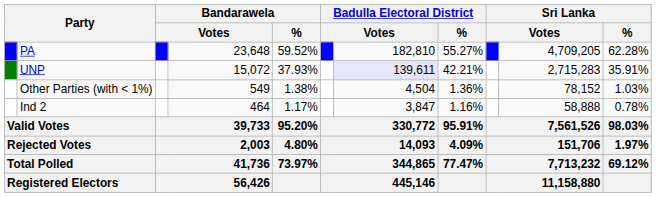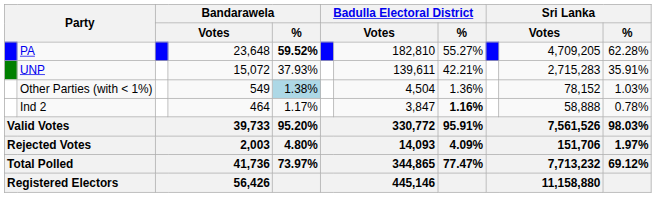 <table class="wikitable">
 <tr>
 <th colspan="2" width="144px"rowspan="2">Party</th>
 <th colspan="3" width="216px">Bandarawela</th>
 <th colspan="3" width="216px"><a href='#'>Badulla Electoral District</a></th>
 <th colspan="3" width="216px">Sri Lanka</th>
 </tr>
 <tr>
 <th colspan="2" width="144px">Votes</th>
 <th>%</th>
 <th colspan="2" width="144px">Votes</th>
 <th>%</th>
 <th colspan="2" width="144px">Votes</th>
 <th>%</th>
 </tr>
 <tr>
 <td style="background-color:blue;" width="10px"></td>
 <td style="text-align:left;"><a href='#'>PA</a></td>
 <td style="background-color:blue;" width="10px"></td>
 <td style="text-align:right;">23,648</td>
-<td style="text-align:right;">59.52%</td>
+<td style="text-align:right;"><strong>59.52%</strong></td>
 <td style="background-color:blue;" width="10px"></td>
 <td style="text-align:right;">182,810</td>
 <td style="text-align:right;">55.27%</td>
 <td style="background-color:blue;" width="10px"></td>
 <td style="text-align:right;">4,709,205</td>
 <td style="text-align:right;">62.28%</td>
 </tr>
 <tr>
 <td style="background-color:green;" width="10px"></td>
 <td style="text-align:left;"><a href='#'>UNP</a></td>
 <td style="background-color:white;" width="10px"></td>
 <td style="text-align:right;">15,072</td>
 <td style="text-align:right;">37.93%</td>
 <td style="background-color:white;" width="10px"></td>
-<td style="background: lavender; text-align:right;">139,611</td>
+<td style="text-align:right;">139,611</td>
 <td style="text-align:right;">42.21%</td>
 <td style="background-color:white;" width="10px"></td>
 <td style="text-align:right;">2,715,283</td>
 <td style="text-align:right;">35.91%</td>
 </tr>
 <tr>
 <td style="background-color:white;" width="10px"></td>
 <td style="text-align:left;">Other Parties (with < 1%)</td>
 <td style="background-color:white;" width="10px"></td>
 <td style="text-align:right;">549</td>
-<td style="text-align:right;">1.38%</td>
+<td style="background: lightblue; text-align:right;">1.38%</td>
 <td style="background-color:white;" width="10px"></td>
 <td style="text-align:right;">4,504</td>
 <td style="text-align:right;">1.36%</td>
 <td style="background-color:white;" width="10px"></td>
 <td style="text-align:right;">78,152</td>
 <td style="text-align:right;">1.03%</td>
 </tr>
 <tr>
 <td style="background-color:white;" width="10px"></td>
 <td style="text-align:left;">Ind 2</td>
 <td style="background-color:white;" width="10px"></td>
 <td style="text-align:right;">464</td>
 <td style="text-align:right;">1.17%</td>
 <td style="background-color:white;" width="10px"></td>
 <td style="text-align:right;">3,847</td>
-<td style="text-align:right;">1.16%</td>
+<td style="text-align:right;"><strong>1.16%</strong></td>
 <td style="background-color:white;" width="10px"></td>
 <td style="text-align:right;">58,888</td>
 <td style="text-align:right;">0.78%</td>
 </tr>
 <tr>
 <th colspan="2" width="144px"style="text-align:left;">Valid Votes</th>
 <th style="text-align:right;"colspan="2" width="144px">39,733</th>
 <th style="text-align:right;">95.20%</th>
 <th style="text-align:right;"colspan="2" width="144px">330,772</th>
 <th style="text-align:right;">95.91%</th>
 <th style="text-align:right;"colspan="2" width="144px">7,561,526</th>
 <th style="text-align:right;">98.03%</th>
 </tr>
 <tr>
 <th colspan="2" width="144px"style="text-align:left;">Rejected Votes</th>
 <th style="text-align:right;"colspan="2" width="144px">2,003</th>
 <th style="text-align:right;">4.80%</th>
 <th style="text-align:right;"colspan="2" width="144px">14,093</th>
 <th style="text-align:right;">4.09%</th>
 <th style="text-align:right;"colspan="2" width="144px">151,706</th>
 <th style="text-align:right;">1.97%</th>
 </tr>
 <tr>
 <th colspan="2" width="144px"style="text-align:left;">Total Polled</th>
 <th style="text-align:right;"colspan="2" width="144px">41,736</th>
 <th style="text-align:right;">73.97%</th>
 <th style="text-align:right;"colspan="2" width="144px">344,865</th>
 <th style="text-align:right;">77.47%</th>
 <th style="text-align:right;"colspan="2" width="144px">7,713,232</th>
 <th style="text-align:right;">69.12%</th>
 </tr>
 <tr>
 <th colspan="2" width="144px"style="text-align:left;">Registered Electors</th>
 <th style="text-align:right;"colspan="2" width="144px">56,426</th>
 <th></th>
 <th style="text-align:right;"colspan="2" width="144px">445,146</th>
 <th></th>
 <th style="text-align:right;"colspan="2" width="144px">11,158,880</th>
 <th></th>
 </tr>
 </table>
